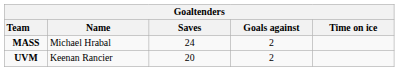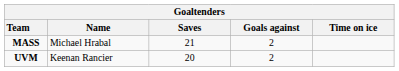 <table class="wikitable" style="width:40em; text-align:right;">
 <tr>
 <th colspan=5>Goaltenders</th>
 </tr>
 <tr>
 <th style="width:4em; text-align:left;">Team</th>
 <th style="width:10em;">Name</th>
 <th style="width:8em;">Saves</th>
 <th style="width:8em;">Goals against</th>
 <th style="width:8em;">Time on ice</th>
 </tr>
 <tr>
 <td align=center><strong>MASS</strong></td>
 <td style="text-align:left;">Michael Hrabal</td>
-<td align=center>24</td>
+<td align=center>21</td>
 <td align=center>2</td>
 <td align=center></td>
 </tr>
 <tr>
 <td align=center><strong>UVM</strong></td>
 <td style="text-align:left;">Keenan Rancier</td>
 <td align=center>20</td>
 <td align=center>2</td>
 <td align=center></td>
 </tr>
 </table>
